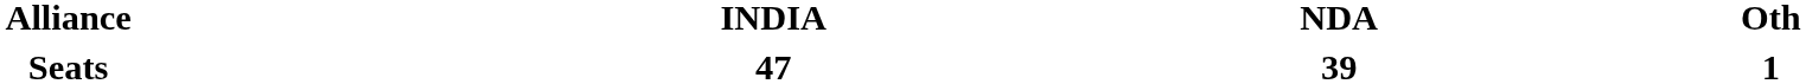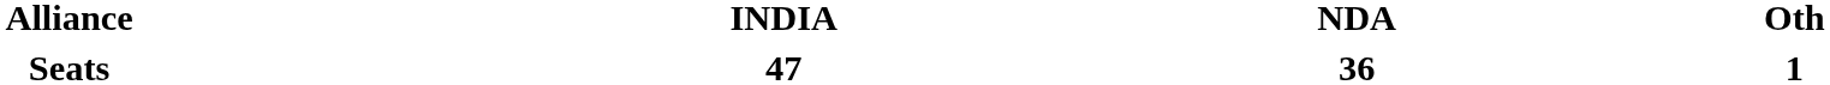 <table style="width:80%; text-align:center;">
 <tr>
 <th><strong>Alliance</strong></th>
 <td><strong>INDIA</strong></td>
 <td><strong>NDA</strong></td>
 <td><strong>Oth</strong></td>
 </tr>
 <tr>
 <th><strong>Seats</strong></th>
 <td><strong>47</strong></td>
-<td><strong>39</strong></td>
+<td><strong>36</strong></td>
 <td><strong>1</strong></td>
 </tr>
 </table>
